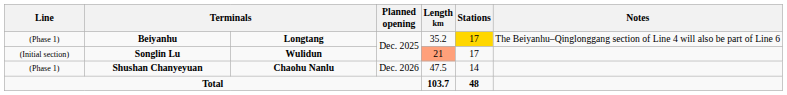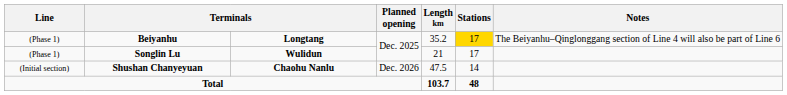 <table class="wikitable sortable" style="cell-padding:1.5; font-size:96%; text-align:center;">
 <tr>
 <th data-sort-type="text"style="width:120px;">Line</th>
 <th class="unsortable" colspan="2" style="width:450px; line-height:1.05">Terminals</th>
 <th>Planned<br>opening</th>
 <th style="line-height:1.05">Length<br><small>km</small></th>
 <th style="line-height:1.05">Stations</th>
 <th>Notes</th>
 </tr>
 <tr>
 <td style="text-align:center; line-height:1.05"> <small>(Phase 1)</small></td>
 <td style="text-align:center; width:225px; line-height:1.05"><strong>Beiyanhu</strong></td>
 <td style="text-align:center; width:225px; line-height:1.05"><strong>Longtang</strong></td>
 <td style="text-align:center; line-height:1.05" rowspan="2">Dec. 2025</td>
 <td style="text-align:center; line-height:1.05">35.2</td>
 <td style="background: gold; text-align:center; line-height:1.05">17</td>
 <td style="text-align:center; line-height:1.05">The Beiyanhu–Qinglonggang section of Line 4 will also be part of Line 6</td>
 </tr>
 <tr>
-<td style="text-align:center; line-height:1.05"> <small>(Initial section)</small></td>
+<td style="text-align:center; line-height:1.05"> <small>(Phase 1)</small></td>
 <td style="text-align:center; width:225px; line-height:1.05"><strong>Songlin Lu</strong></td>
 <td style="text-align:center; width:225px; line-height:1.05"><strong>Wulidun</strong></td>
-<td style="background: lightsalmon; text-align:center; line-height:1.05">21</td>
+<td style="text-align:center; line-height:1.05">21</td>
 <td style="text-align:center; line-height:1.05">17</td>
 <td style="text-align:center; line-height:1.05"></td>
 </tr>
 <tr>
-<td style="text-align:center; line-height:1.05"> <small>(Phase 1)</small></td>
+<td style="text-align:center; line-height:1.05"> <small>(Initial section)</small></td>
 <td style="text-align:center; width:225px; line-height:1.05"><strong>Shushan Chanyeyuan</strong></td>
 <td style="text-align:center; width:225px; line-height:1.05"><strong>Chaohu Nanlu</strong></td>
 <td style="text-align:center; line-height:1.05">Dec. 2026</td>
 <td style="text-align:center; line-height:1.05">47.5</td>
 <td style="text-align:center; line-height:1.05">14</td>
 <td style="text-align:center; line-height:1.05"></td>
 </tr>
 <tr class="sortbottom">
 <td style="text-align:center; line-height:1.05" colspan="4"><strong>Total</strong></td>
 <td style="text-align:center; line-height:1.05"><strong>103.7</strong></td>
 <td style="text-align:center; line-height:1.05"><strong>48</strong></td>
 <td></td>
 </tr>
 </table>
